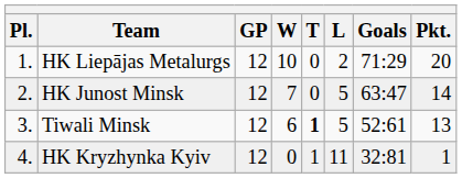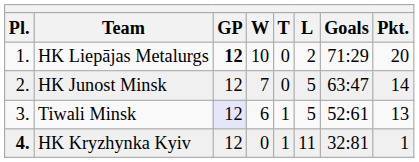 <table class="wikitable">
 <tr>
 <th colspan="9"></th>
 </tr>
 <tr bgcolor = "#e0e0e0">
 <th>Pl.</th>
 <th>Team</th>
 <th>GP</th>
 <th>W</th>
 <th>T</th>
 <th>L</th>
 <th>Goals</th>
 <th>Pkt.</th>
 </tr>
 <tr align="right">
 <td>1.</td>
 <td align="left">HK Liepājas Metalurgs</td>
-<td>12</td>
+<td><strong>12</strong></td>
 <td>10</td>
 <td>0</td>
 <td>2</td>
 <td>71:29</td>
 <td>20</td>
 </tr>
 <tr align="right" bgcolor="#f0f0f0">
 <td>2.</td>
 <td align="left">HK Junost Minsk</td>
 <td>12</td>
 <td>7</td>
 <td>0</td>
 <td>5</td>
 <td>63:47</td>
 <td>14</td>
 </tr>
 <tr align="right">
 <td>3.</td>
 <td align="left">Tiwali Minsk</td>
-<td>12</td>
+<td style="background: lavender;">12</td>
 <td>6</td>
-<td><strong>1</strong></td>
+<td>1</td>
 <td>5</td>
 <td>52:61</td>
 <td>13</td>
 </tr>
 <tr align="right" bgcolor="#f0f0f0">
-<td>4.</td>
+<td><strong>4.</strong></td>
 <td align="left">HK Kryzhynka Kyiv</td>
 <td>12</td>
 <td>0</td>
 <td>1</td>
 <td>11</td>
 <td>32:81</td>
 <td>1</td>
 </tr>
 </table>
